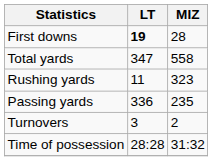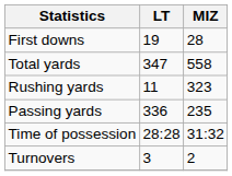 <table class="wikitable">
 <tr>
 <th>Statistics</th>
 <th>LT</th>
 <th>MIZ</th>
 </tr>
 <tr>
 <td>First downs</td>
-<td><strong>19</strong></td>
+<td>19</td>
 <td>28</td>
 </tr>
 <tr>
 <td>Total yards</td>
 <td>347</td>
 <td>558</td>
 </tr>
 <tr>
 <td>Rushing yards</td>
 <td>11</td>
 <td>323</td>
 </tr>
 <tr>
 <td>Passing yards</td>
 <td>336</td>
 <td>235</td>
 </tr>
 <tr>
+<td>Time of possession</td>
+<td>28:28</td>
+<td>31:32</td>
+</tr>
+<tr>
 <td>Turnovers</td>
 <td>3</td>
 <td>2</td>
 </tr>
 <tr>
-<td>Time of possession</td>
-<td>28:28</td>
-<td>31:32</td>
-</tr>
-<tr>
 </tr>
 </table>
